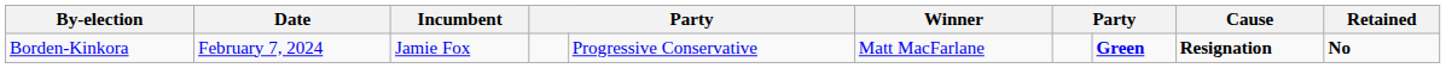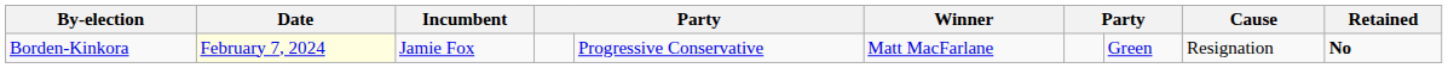 <table class="wikitable" style="width:100%">
 <tr>
 <th>By-election</th>
 <th>Date</th>
 <th>Incumbent</th>
 <th colspan="2">Party</th>
 <th>Winner</th>
 <th colspan="2">Party</th>
 <th>Cause</th>
 <th>Retained</th>
 </tr>
 <tr>
 <td><a href='#'>Borden-Kinkora</a></td>
-<td><a href='#'>February 7, 2024</a></td>
+<td style="background: lightyellow;"><a href='#'>February 7, 2024</a></td>
 <td><a href='#'>Jamie Fox</a></td>
 <td>    </td>
 <td><a href='#'>Progressive Conservative</a></td>
 <td><a href='#'>Matt MacFarlane</a></td>
 <td>    </td>
-<td><strong><a href='#'>Green</a></strong></td>
-<td><strong>Resignation</strong></td>
+<td><a href='#'>Green</a></td>
+<td>Resignation</td>
 <td><strong>No</strong></td>
 </tr>
 </table>
